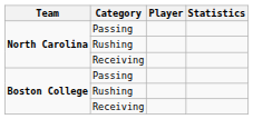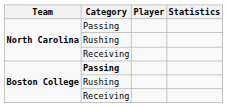 <table class="wikitable" style="float: right;">
 <tr>
 <th>Team</th>
 <th>Category</th>
 <th>Player</th>
 <th>Statistics</th>
 </tr>
 <tr>
 <td rowspan=3><strong>North Carolina</strong></td>
 <td>Passing</td>
 <td></td>
 <td></td>
 </tr>
 <tr>
 <td>Rushing</td>
 <td></td>
 <td></td>
 </tr>
 <tr>
 <td>Receiving</td>
 <td></td>
 <td></td>
 </tr>
 <tr>
 <td rowspan=3><strong>Boston College</strong></td>
-<td>Passing</td>
+<td><strong>Passing</strong></td>
 <td></td>
 <td></td>
 </tr>
 <tr>
 <td>Rushing</td>
 <td></td>
 <td></td>
 </tr>
 <tr>
 <td>Receiving</td>
 <td></td>
 <td></td>
 </tr>
 </table>
